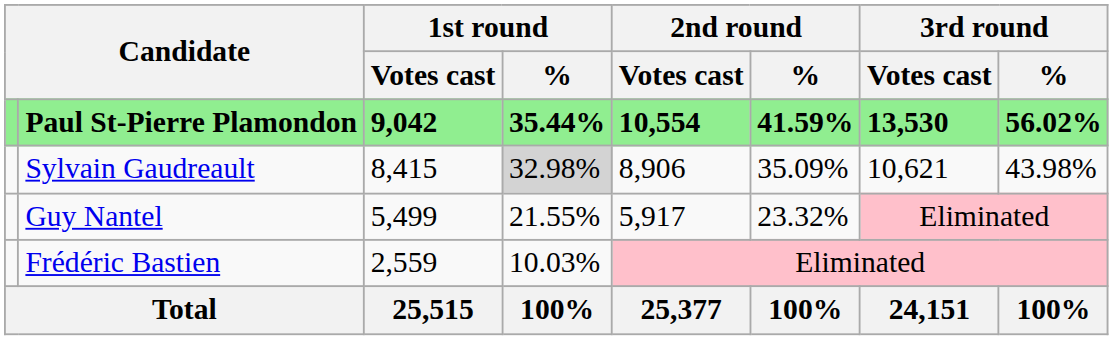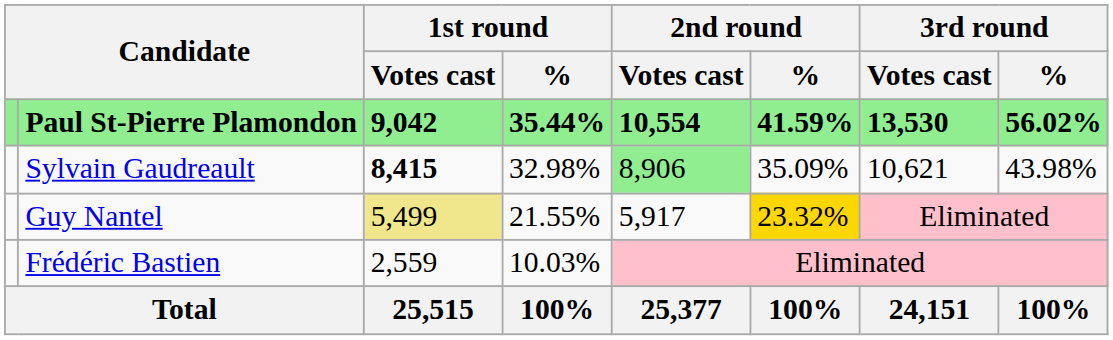 <table class="wikitable">
 <tr>
 <th rowspan="2" colspan="2">Candidate</th>
 <th colspan="2">1st round</th>
 <th colspan="2">2nd round</th>
 <th colspan="2">3rd round</th>
 </tr>
 <tr>
 <th>Votes cast</th>
 <th>%</th>
 <th>Votes cast</th>
 <th>%</th>
 <th>Votes cast</th>
 <th>%</th>
 </tr>
 <tr style="background:lightgreen;">
 <td></td>
 <td><strong>Paul St-Pierre Plamondon</strong></td>
 <td><strong>9,042</strong></td>
 <td><strong>35.44%</strong></td>
 <td><strong>10,554</strong></td>
 <td><strong>41.59%</strong></td>
 <td><strong>13,530</strong></td>
 <td><strong>56.02%</strong></td>
 </tr>
 <tr>
 <td></td>
 <td><a href='#'>Sylvain Gaudreault</a></td>
-<td>8,415</td>
-<td style="background: lightgrey;">32.98%</td>
-<td>8,906</td>
+<td><strong>8,415</strong></td>
+<td>32.98%</td>
+<td style="background: lightgreen;">8,906</td>
 <td>35.09%</td>
 <td>10,621</td>
 <td>43.98%</td>
 </tr>
 <tr>
 <td></td>
 <td><a href='#'>Guy Nantel</a></td>
-<td>5,499</td>
+<td style="background: khaki;">5,499</td>
 <td>21.55%</td>
 <td>5,917</td>
-<td>23.32%</td>
+<td style="background: gold;">23.32%</td>
 <td colspan="2" style="background:pink; text-align:center">Eliminated</td>
 </tr>
 <tr>
 <td></td>
 <td><a href='#'>Frédéric Bastien</a></td>
 <td>2,559</td>
 <td>10.03%</td>
 <td colspan="4" style="background:pink; text-align:center">Eliminated</td>
 </tr>
 <tr>
 <th colspan="2">Total</th>
 <th align="right">25,515</th>
 <th align="right">100%</th>
 <th align="right">25,377</th>
 <th align="right">100%</th>
 <th align="right">24,151</th>
 <th align="right">100%</th>
 </tr>
 </table>
